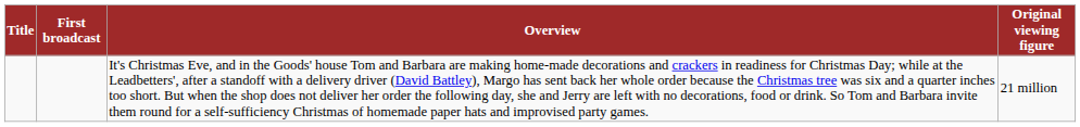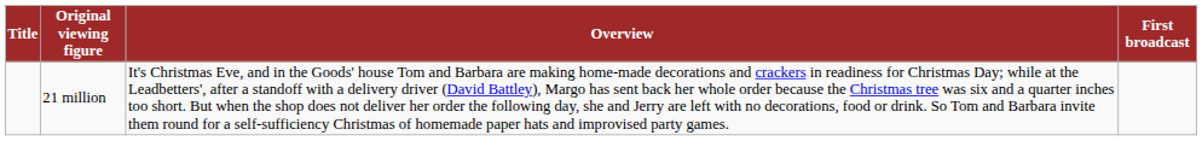 <table border="2" cellpadding="2" cellspacing="0" style="margin: 0 1em 0 0; background: #f9f9f9; border: 1px #aaa solid; border-collapse: collapse; font-size: 100%;">
 <tr style="background:#9F2929; color:white;">
 <th>Title</th>
+<th>Original viewing figure</th>
+<th>Overview</th>
 <th>First broadcast</th>
-<th>Overview</th>
-<th>Original viewing figure</th>
 </tr>
 <tr>
 <td></td>
+<td>21 million</td>
+<td style="font-size: 100%;">It's Christmas Eve, and in the Goods' house Tom and Barbara are making home-made decorations and <a href='#'>crackers</a> in readiness for Christmas Day; while at the Leadbetters', after a standoff with a delivery driver (<a href='#'>David Battley</a>), Margo has sent back her whole order because the <a href='#'>Christmas tree</a> was six and a quarter inches too short. But when the shop does not deliver her order the following day, she and Jerry are left with no decorations, food or drink. So Tom and Barbara invite them round for a self-sufficiency Christmas of homemade paper hats and improvised party games.</td>
 <td></td>
-<td style="font-size: 100%;">It's Christmas Eve, and in the Goods' house Tom and Barbara are making home-made decorations and <a href='#'>crackers</a> in readiness for Christmas Day; while at the Leadbetters', after a standoff with a delivery driver (<a href='#'>David Battley</a>), Margo has sent back her whole order because the <a href='#'>Christmas tree</a> was six and a quarter inches too short. But when the shop does not deliver her order the following day, she and Jerry are left with no decorations, food or drink. So Tom and Barbara invite them round for a self-sufficiency Christmas of homemade paper hats and improvised party games.</td>
-<td>21 million</td>
 </tr>
 </table>
